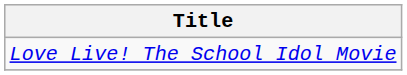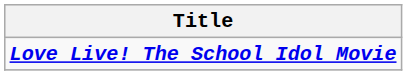 <table class="wikitable">
 <tr>
 <th>Title</th>
 </tr>
 <tr>
-<td><em><a href='#'>Love Live! The School Idol Movie</a></em></td>
+<td><strong><em><a href='#'>Love Live! The School Idol Movie</a></em></strong></td>
 </tr>
 </table>
